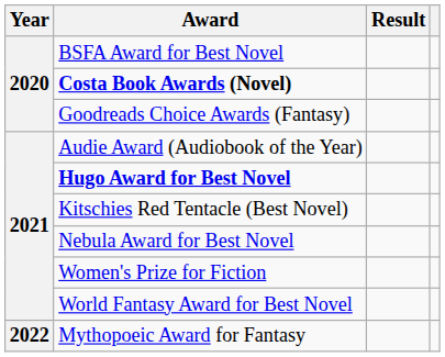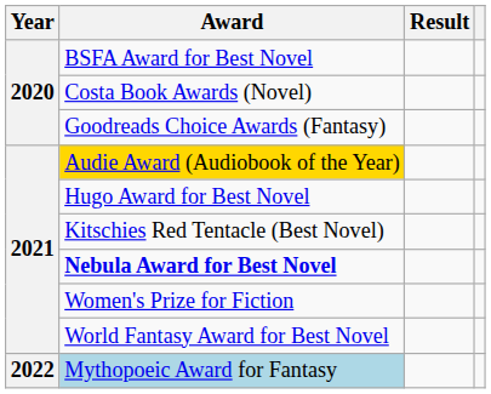 <table class="wikitable plainrowheaders sortable">
 <tr>
 <th scope="col">Year</th>
 <th scope="col">Award</th>
 <th scope="col">Result</th>
 <th scope="col" class="unsortable"></th>
 </tr>
 <tr>
 <th rowspan="3">2020</th>
 <td><a href='#'>BSFA Award for Best Novel</a></td>
 <td></td>
 <td style="text-align:center;"></td>
 </tr>
 <tr>
-<td><strong><a href='#'>Costa Book Awards</a> (Novel)</strong></td>
+<td><a href='#'>Costa Book Awards</a> (Novel)</td>
 <td></td>
 <td style="text-align:center;"></td>
 </tr>
 <tr>
 <td><a href='#'>Goodreads Choice Awards</a> (Fantasy)</td>
 <td></td>
 <td style="text-align:center;"></td>
 </tr>
 <tr>
 <th rowspan="6">2021</th>
-<td><a href='#'>Audie Award</a> (Audiobook of the Year)</td>
+<td style="background: gold;"><a href='#'>Audie Award</a> (Audiobook of the Year)</td>
 <td></td>
 <td style="text-align:center;"></td>
 </tr>
 <tr>
-<td><strong><a href='#'>Hugo Award for Best Novel</a></strong></td>
+<td><a href='#'>Hugo Award for Best Novel</a></td>
 <td></td>
 <td style="text-align:center;"></td>
 </tr>
 <tr>
 <td><a href='#'>Kitschies</a> Red Tentacle  (Best Novel)</td>
 <td></td>
 <td align=center></td>
 </tr>
 <tr>
-<td><a href='#'>Nebula Award for Best Novel</a></td>
+<td><strong><a href='#'>Nebula Award for Best Novel</a></strong></td>
 <td></td>
 <td style="text-align:center;"></td>
 </tr>
 <tr>
 <td><a href='#'>Women's Prize for Fiction</a></td>
 <td></td>
 <td style="text-align:center;"></td>
 </tr>
 <tr>
 <td><a href='#'>World Fantasy Award for Best Novel</a></td>
 <td></td>
 <td style="text-align: center"></td>
 </tr>
 <tr>
 <th>2022</th>
-<td><a href='#'>Mythopoeic Award</a> for Fantasy</td>
+<td style="background: lightblue;"><a href='#'>Mythopoeic Award</a> for Fantasy</td>
 <td></td>
 <td style="text-align: center"></td>
 </tr>
 </table>
